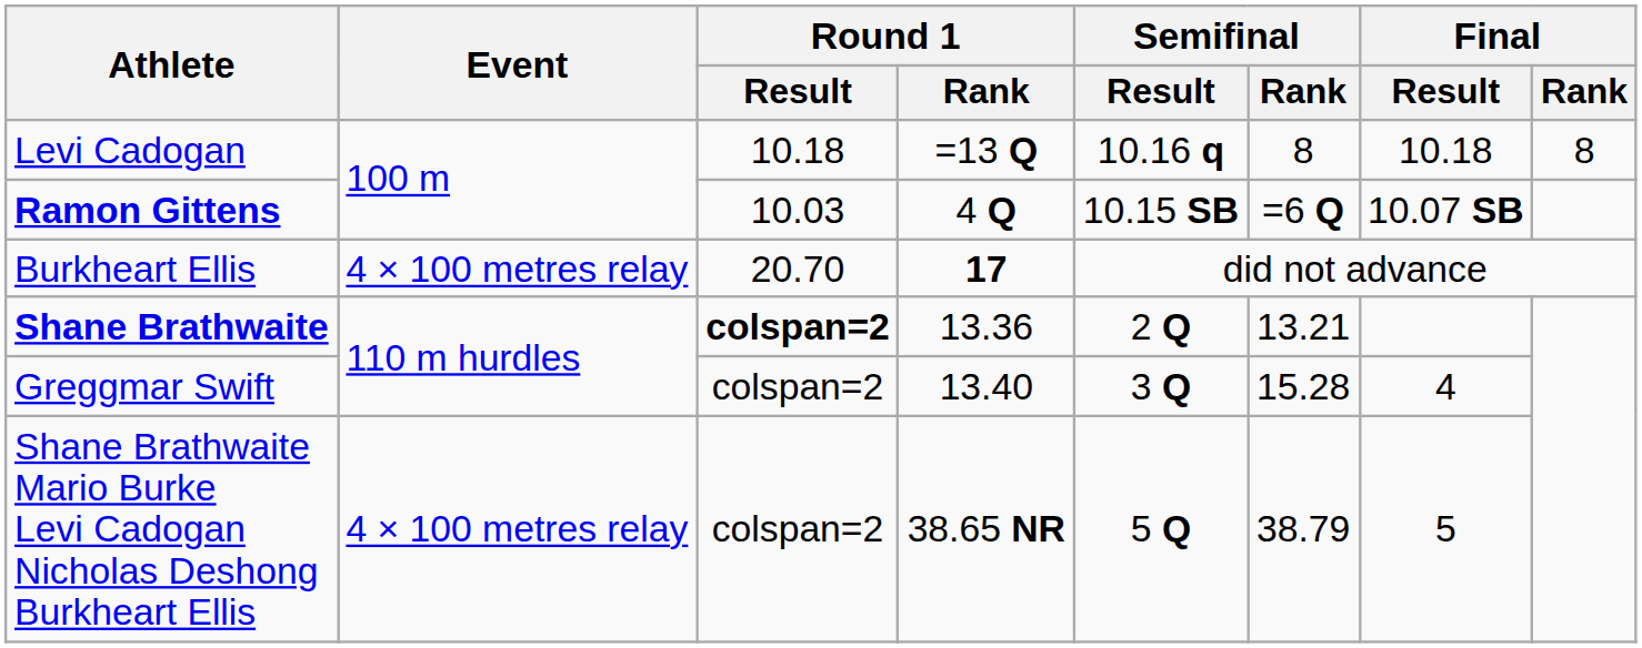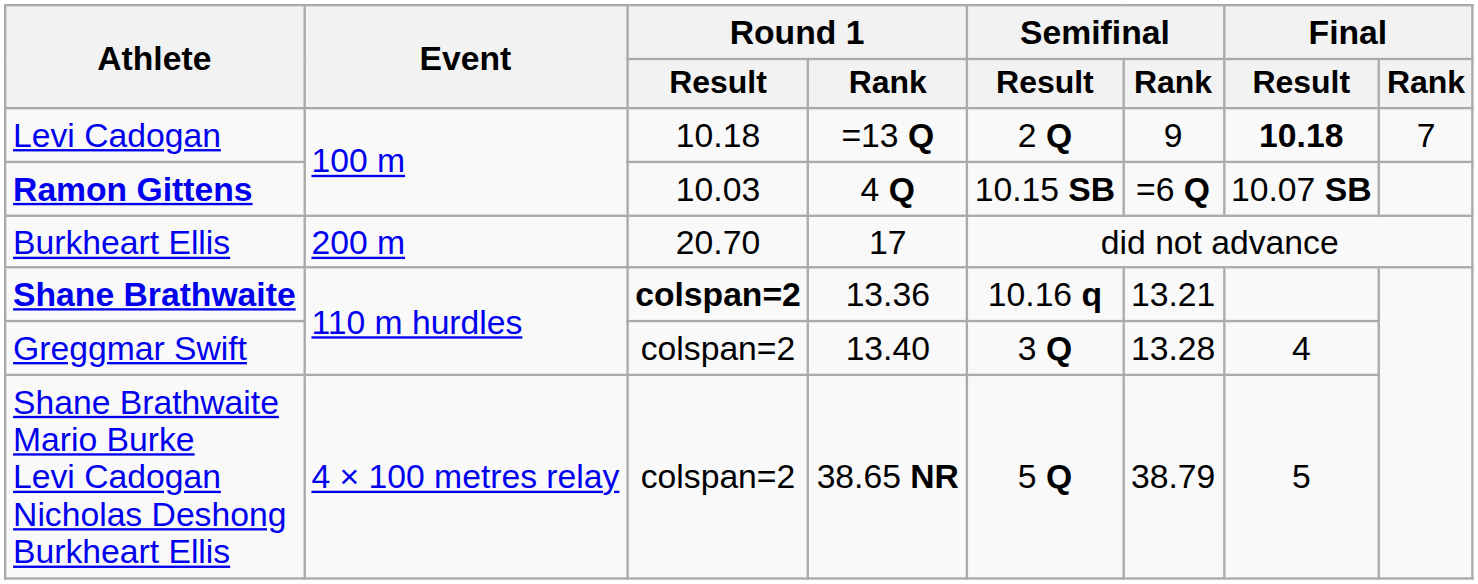 <table class=wikitable style="font-size:90%">
 <tr>
 <th rowspan="2">Athlete</th>
 <th rowspan="2">Event</th>
 <th colspan="2">Round 1</th>
 <th colspan="2">Semifinal</th>
 <th colspan="2">Final</th>
 </tr>
 <tr style="font-size:95%">
 <th>Result</th>
 <th>Rank</th>
 <th>Result</th>
 <th>Rank</th>
 <th>Result</th>
 <th>Rank</th>
 </tr>
 <tr align=center>
 <td align=left><a href='#'>Levi Cadogan</a></td>
 <td align=left rowspan="2"><a href='#'>100 m</a></td>
 <td>10.18</td>
 <td>=13 <strong>Q</strong></td>
-<td>10.16 <strong>q</strong></td>
-<td>8</td>
-<td>10.18</td>
-<td>8</td>
+<td>2 <strong>Q</strong></td>
+<td>9</td>
+<td><strong>10.18</strong></td>
+<td>7</td>
 </tr>
 <tr align=center>
 <td align=left><strong><a href='#'>Ramon Gittens</a></strong></td>
 <td>10.03</td>
 <td>4 <strong>Q</strong></td>
 <td>10.15 <strong>SB</strong></td>
 <td>=6 <strong>Q</strong></td>
 <td>10.07 <strong>SB</strong></td>
 <td></td>
 </tr>
 <tr align=center>
 <td align=left><a href='#'>Burkheart Ellis</a></td>
-<td align=left><a href='#'>4 × 100 metres relay</a></td>
+<td align=left rowspan="1"><a href='#'>200 m</a></td>
 <td>20.70</td>
-<td><strong>17</strong></td>
+<td>17</td>
 <td colspan=4>did not advance</td>
 </tr>
 <tr align=center>
 <td align=left><strong><a href='#'>Shane Brathwaite</a></strong></td>
 <td align=left rowspan="2"><a href='#'>110 m hurdles</a></td>
 <td><strong>colspan=2 </strong></td>
 <td>13.36</td>
-<td>2 <strong>Q</strong></td>
+<td>10.16 <strong>q</strong></td>
 <td>13.21</td>
 <td></td>
 </tr>
 <tr align=center>
 <td align=left><a href='#'>Greggmar Swift</a></td>
 <td>colspan=2 </td>
 <td>13.40</td>
 <td>3 <strong>Q</strong></td>
-<td>15.28</td>
+<td>13.28</td>
 <td>4</td>
 </tr>
 <tr align=center>
 <td align=left><a href='#'>Shane Brathwaite</a><br><a href='#'>Mario Burke</a><br><a href='#'>Levi Cadogan</a><br><a href='#'>Nicholas Deshong</a><br><a href='#'>Burkheart Ellis</a></td>
 <td align=left><a href='#'>4 × 100 metres relay</a></td>
 <td>colspan=2 </td>
 <td>38.65 <strong>NR</strong></td>
 <td>5 <strong>Q</strong></td>
 <td>38.79</td>
 <td>5</td>
 </tr>
 </table>
